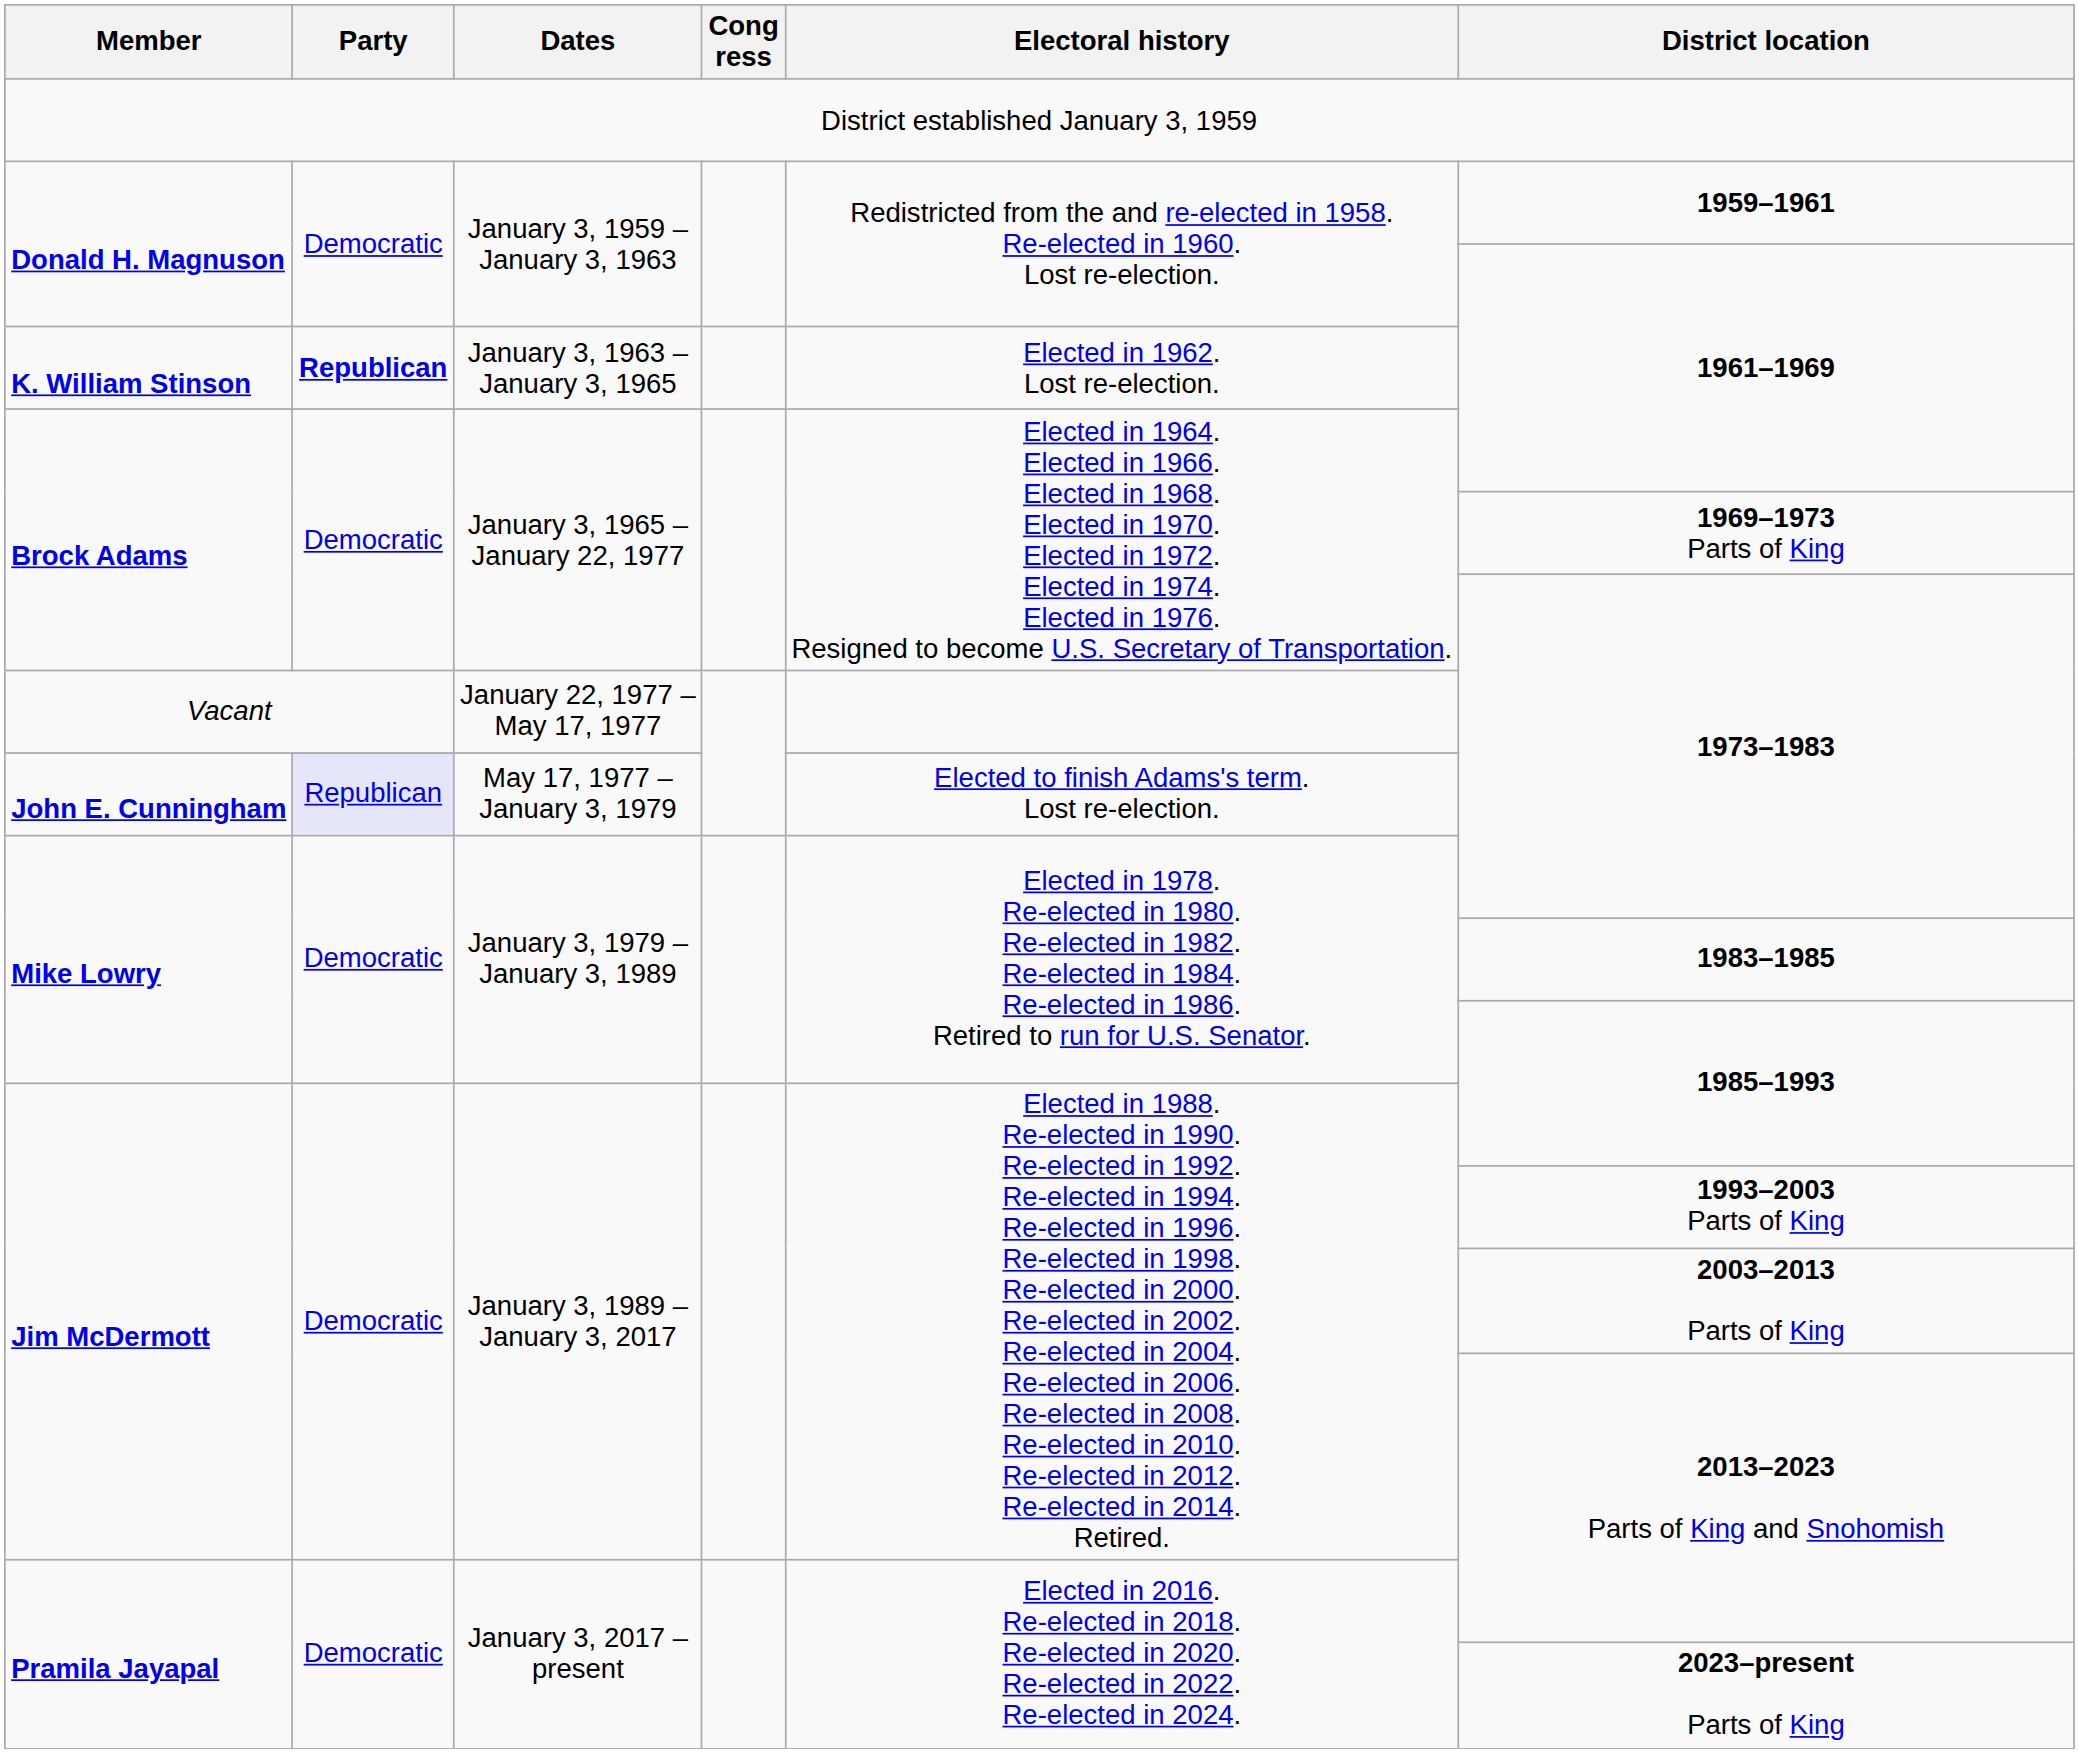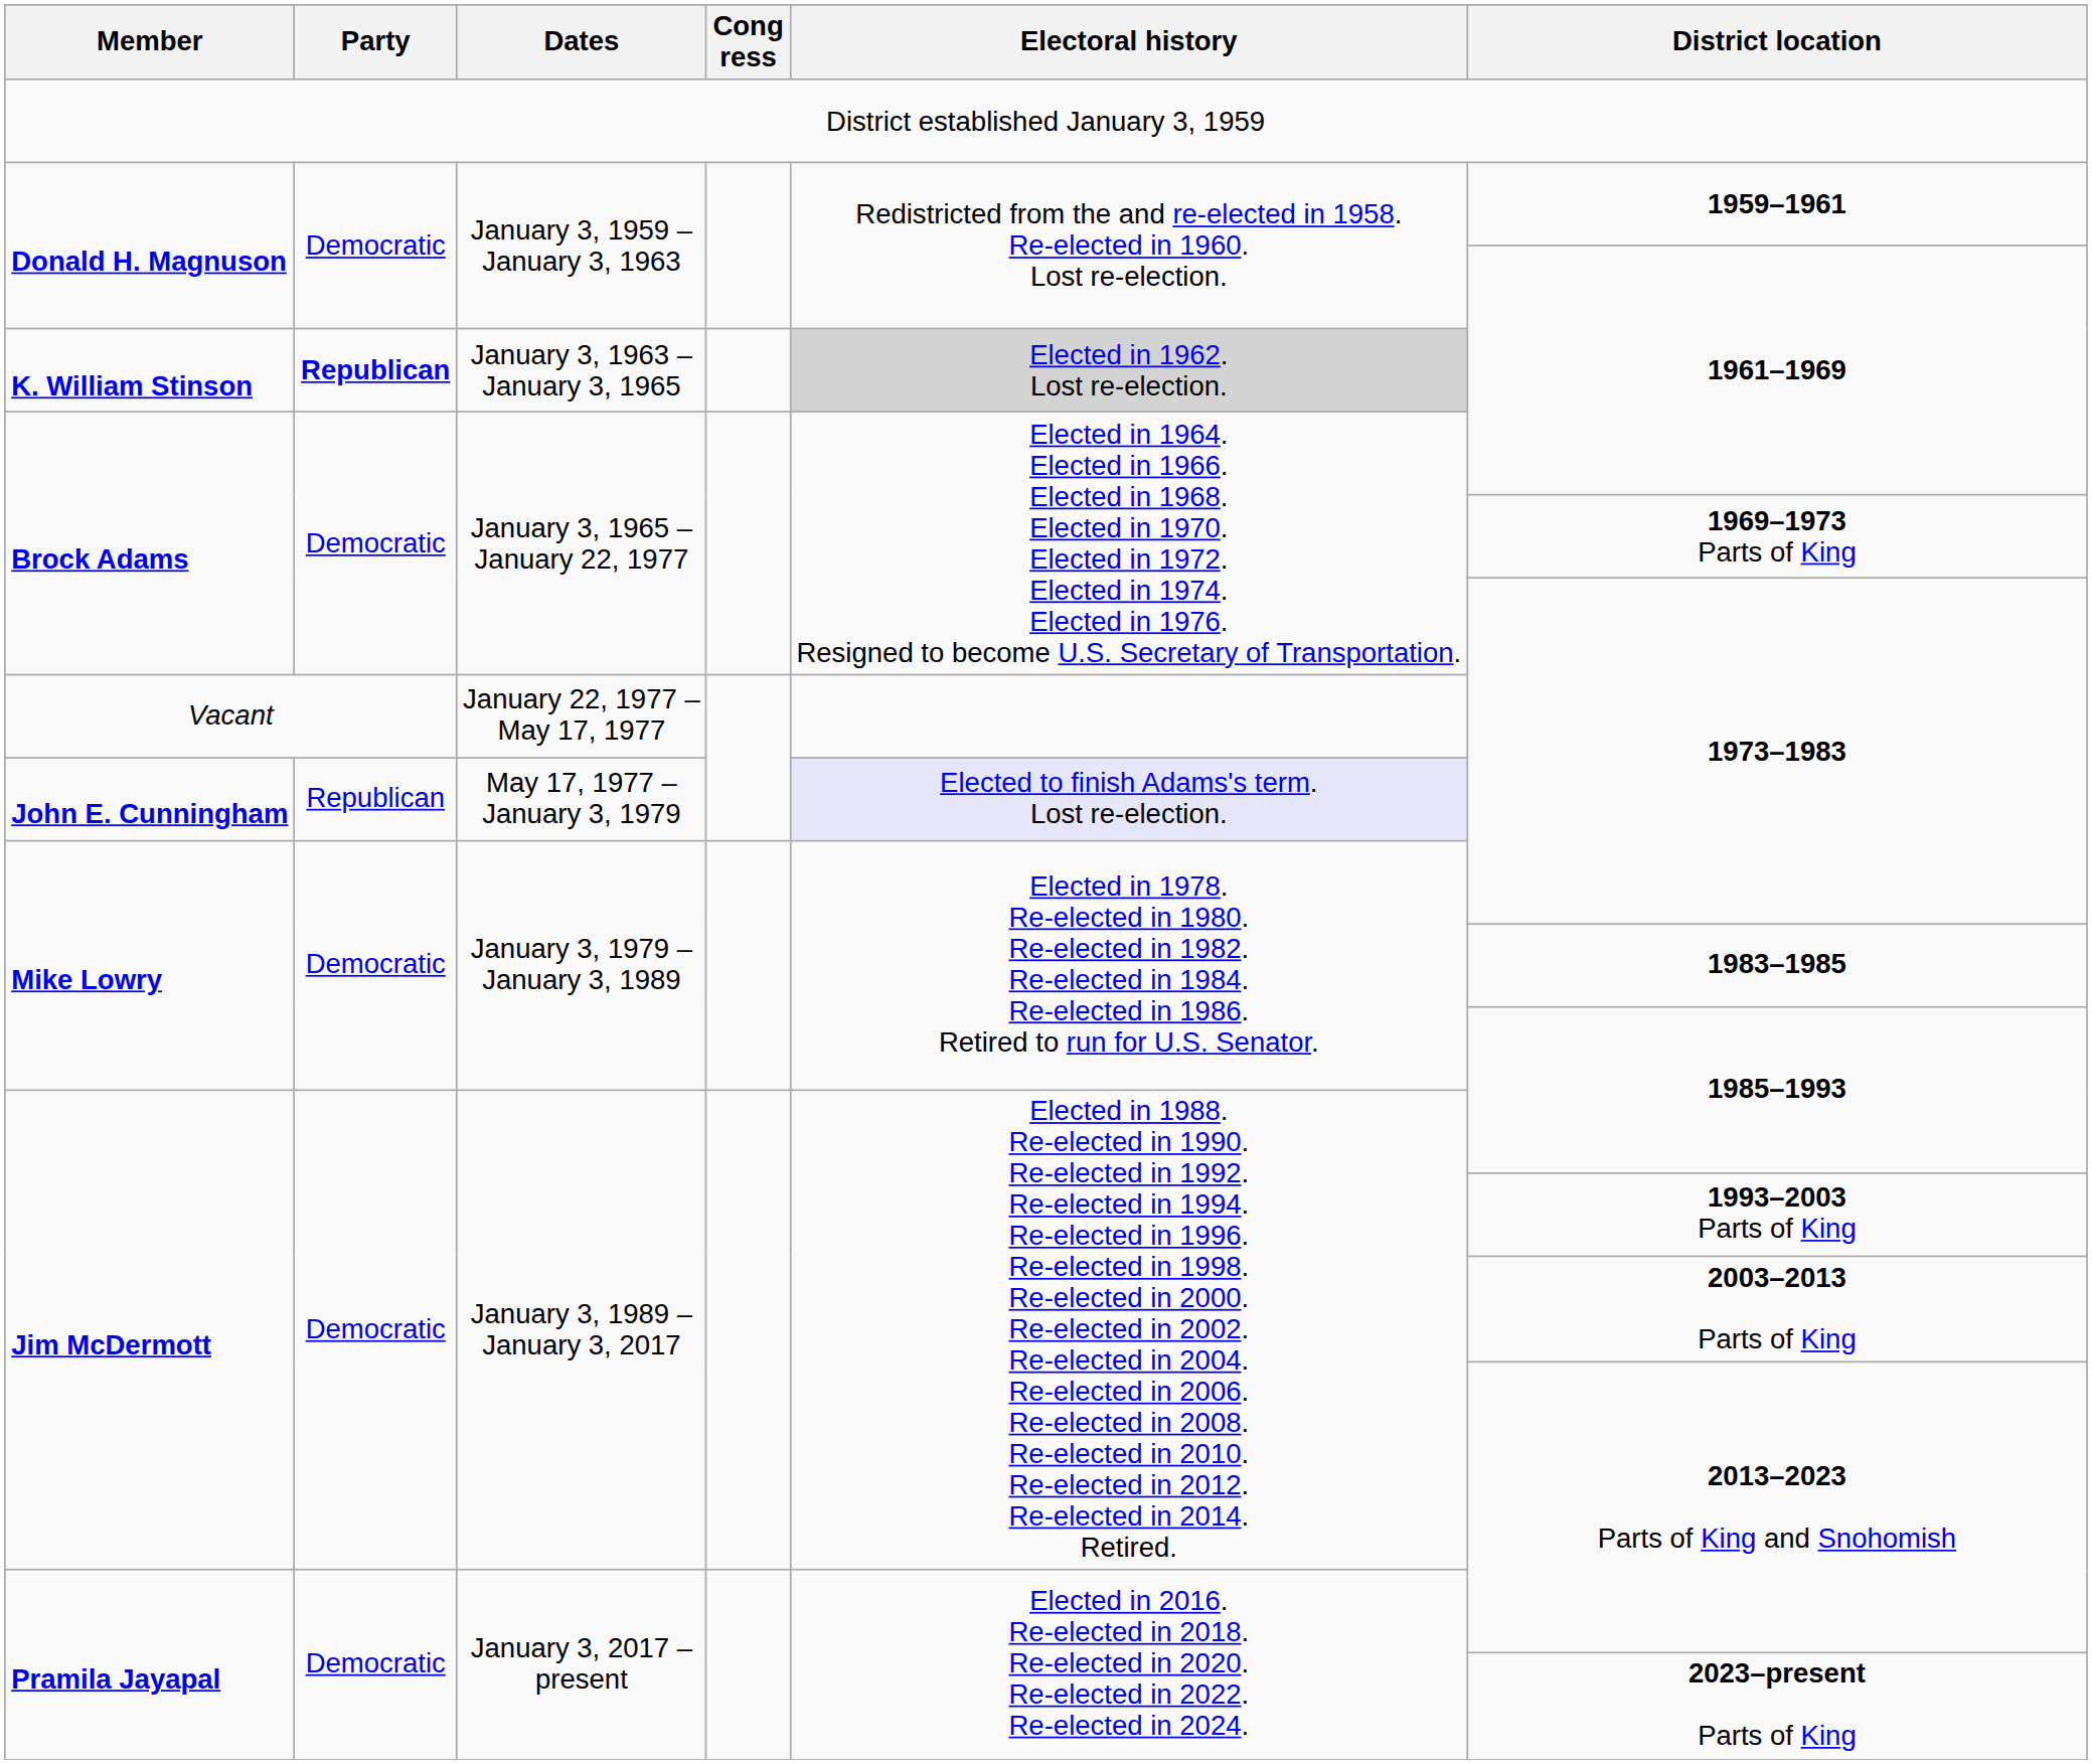 <table class=wikitable style="text-align:center">
 <tr>
 <th>Member</th>
 <th>Party</th>
 <th>Dates</th>
 <th>Cong<br>ress</th>
 <th>Electoral history</th>
 <th width=350>District location</th>
 </tr>
 <tr style="height:3em">
 <td colspan=6>District established January 3, 1959</td>
 </tr>
 <tr style="height:3em">
 <td rowspan=2 align=left><br><strong><a href='#'>Donald H. Magnuson</a></strong><br></td>
 <td rowspan=2 ><a href='#'>Democratic</a></td>
 <td rowspan=2 nowrap>January 3, 1959 –<br>January 3, 1963</td>
 <td rowspan=2></td>
 <td rowspan=2>Redistricted from the  and <a href='#'>re-elected in 1958</a>.<br><a href='#'>Re-elected in 1960</a>.<br>Lost re-election.</td>
 <td><strong>1959–1961</strong><br></td>
 </tr>
 <tr style="height:3em">
 <td rowspan=3><strong>1961–1969</strong><br></td>
 </tr>
 <tr style="height:3em">
 <td align=left><br><strong><a href='#'>K. William Stinson</a></strong><br></td>
 <td><strong><a href='#'>Republican</a></strong></td>
 <td nowrap>January 3, 1963 –<br>January 3, 1965</td>
 <td></td>
-<td><a href='#'>Elected in 1962</a>.<br>Lost re-election.</td>
+<td style="background: lightgrey;"><a href='#'>Elected in 1962</a>.<br>Lost re-election.</td>
 </tr>
 <tr style="height:3em">
 <td rowspan=3 align=left><br><strong><a href='#'>Brock Adams</a></strong><br></td>
 <td rowspan=3 ><a href='#'>Democratic</a></td>
 <td rowspan=3 nowrap>January 3, 1965 –<br>January 22, 1977</td>
 <td rowspan=3></td>
 <td rowspan=3><a href='#'>Elected in 1964</a>.<br><a href='#'>Elected in 1966</a>.<br><a href='#'>Elected in 1968</a>.<br><a href='#'>Elected in 1970</a>.<br><a href='#'>Elected in 1972</a>.<br><a href='#'>Elected in 1974</a>.<br><a href='#'>Elected in 1976</a>.<br>Resigned to become <a href='#'>U.S. Secretary of Transportation</a>.</td>
 </tr>
 <tr style="height:3em">
 <td><strong>1969–1973</strong><br>Parts of <a href='#'>King</a></td>
 </tr>
 <tr style="height:3em">
 <td rowspan=4><strong>1973–1983</strong><br></td>
 </tr>
 <tr style="height:3em">
 <td colspan=2 align=center><em>Vacant</em></td>
 <td nowrap>January 22, 1977 –<br>May 17, 1977</td>
 <td rowspan=2></td>
 <td></td>
 </tr>
 <tr style="height:3em">
 <td align=left><br><strong><a href='#'>John E. Cunningham</a></strong><br></td>
-<td style="background: lavender;"><a href='#'>Republican</a></td>
+<td><a href='#'>Republican</a></td>
 <td nowrap>May 17, 1977 –<br>January 3, 1979</td>
-<td><a href='#'>Elected to finish Adams's term</a>.<br>Lost re-election.</td>
+<td style="background: lavender;"><a href='#'>Elected to finish Adams's term</a>.<br>Lost re-election.</td>
 </tr>
 <tr style="height:3em">
 <td rowspan=3 align=left><br><strong><a href='#'>Mike Lowry</a></strong><br></td>
 <td rowspan=3 ><a href='#'>Democratic</a></td>
 <td rowspan=3 nowrap>January 3, 1979 –<br>January 3, 1989</td>
 <td rowspan=3></td>
 <td rowspan=3><a href='#'>Elected in 1978</a>.<br><a href='#'>Re-elected in 1980</a>.<br><a href='#'>Re-elected in 1982</a>.<br><a href='#'>Re-elected in 1984</a>.<br><a href='#'>Re-elected in 1986</a>.<br>Retired to <a href='#'>run for U.S. Senator</a>.</td>
 </tr>
 <tr style="height:3em">
 <td><strong>1983–1985</strong><br></td>
 </tr>
 <tr style="height:3em">
 <td rowspan=2><strong>1985–1993</strong><br></td>
 </tr>
 <tr style="height:3em">
 <td rowspan=4 align=left><br><strong><a href='#'>Jim McDermott</a></strong><br></td>
 <td rowspan=4 ><a href='#'>Democratic</a></td>
 <td rowspan=4 nowrap>January 3, 1989 –<br>January 3, 2017</td>
 <td rowspan=4></td>
 <td rowspan=4><a href='#'>Elected in 1988</a>.<br><a href='#'>Re-elected in 1990</a>.<br><a href='#'>Re-elected in 1992</a>.<br><a href='#'>Re-elected in 1994</a>.<br><a href='#'>Re-elected in 1996</a>.<br><a href='#'>Re-elected in 1998</a>.<br><a href='#'>Re-elected in 2000</a>.<br><a href='#'>Re-elected in 2002</a>.<br><a href='#'>Re-elected in 2004</a>.<br><a href='#'>Re-elected in 2006</a>.<br><a href='#'>Re-elected in 2008</a>.<br><a href='#'>Re-elected in 2010</a>.<br><a href='#'>Re-elected in 2012</a>.<br><a href='#'>Re-elected in 2014</a>.<br>Retired.</td>
 </tr>
 <tr style="height:3em">
 <td><strong>1993–2003</strong><br>Parts of <a href='#'>King</a></td>
 </tr>
 <tr style="height:3em">
 <td><strong>2003–2013</strong><br><br>Parts of <a href='#'>King</a></td>
 </tr>
 <tr style="height:3em">
 <td rowspan=2><strong>2013–2023</strong><br><br>Parts of <a href='#'>King</a> and <a href='#'>Snohomish</a></td>
 </tr>
 <tr style="height:3em">
 <td rowspan=2 align=left><br><strong><a href='#'>Pramila Jayapal</a></strong><br></td>
 <td rowspan=2 ><a href='#'>Democratic</a></td>
 <td rowspan=2 nowrap>January 3, 2017 –<br>present</td>
 <td rowspan=2></td>
 <td rowspan=2><a href='#'>Elected in 2016</a>.<br><a href='#'>Re-elected in 2018</a>.<br><a href='#'>Re-elected in 2020</a>.<br><a href='#'>Re-elected in 2022</a>.<br><a href='#'>Re-elected in 2024</a>.</td>
 </tr>
 <tr style="height:3em">
 <td><strong>2023–present</strong><br><br>Parts of <a href='#'>King</a></td>
 </tr>
 </table>
